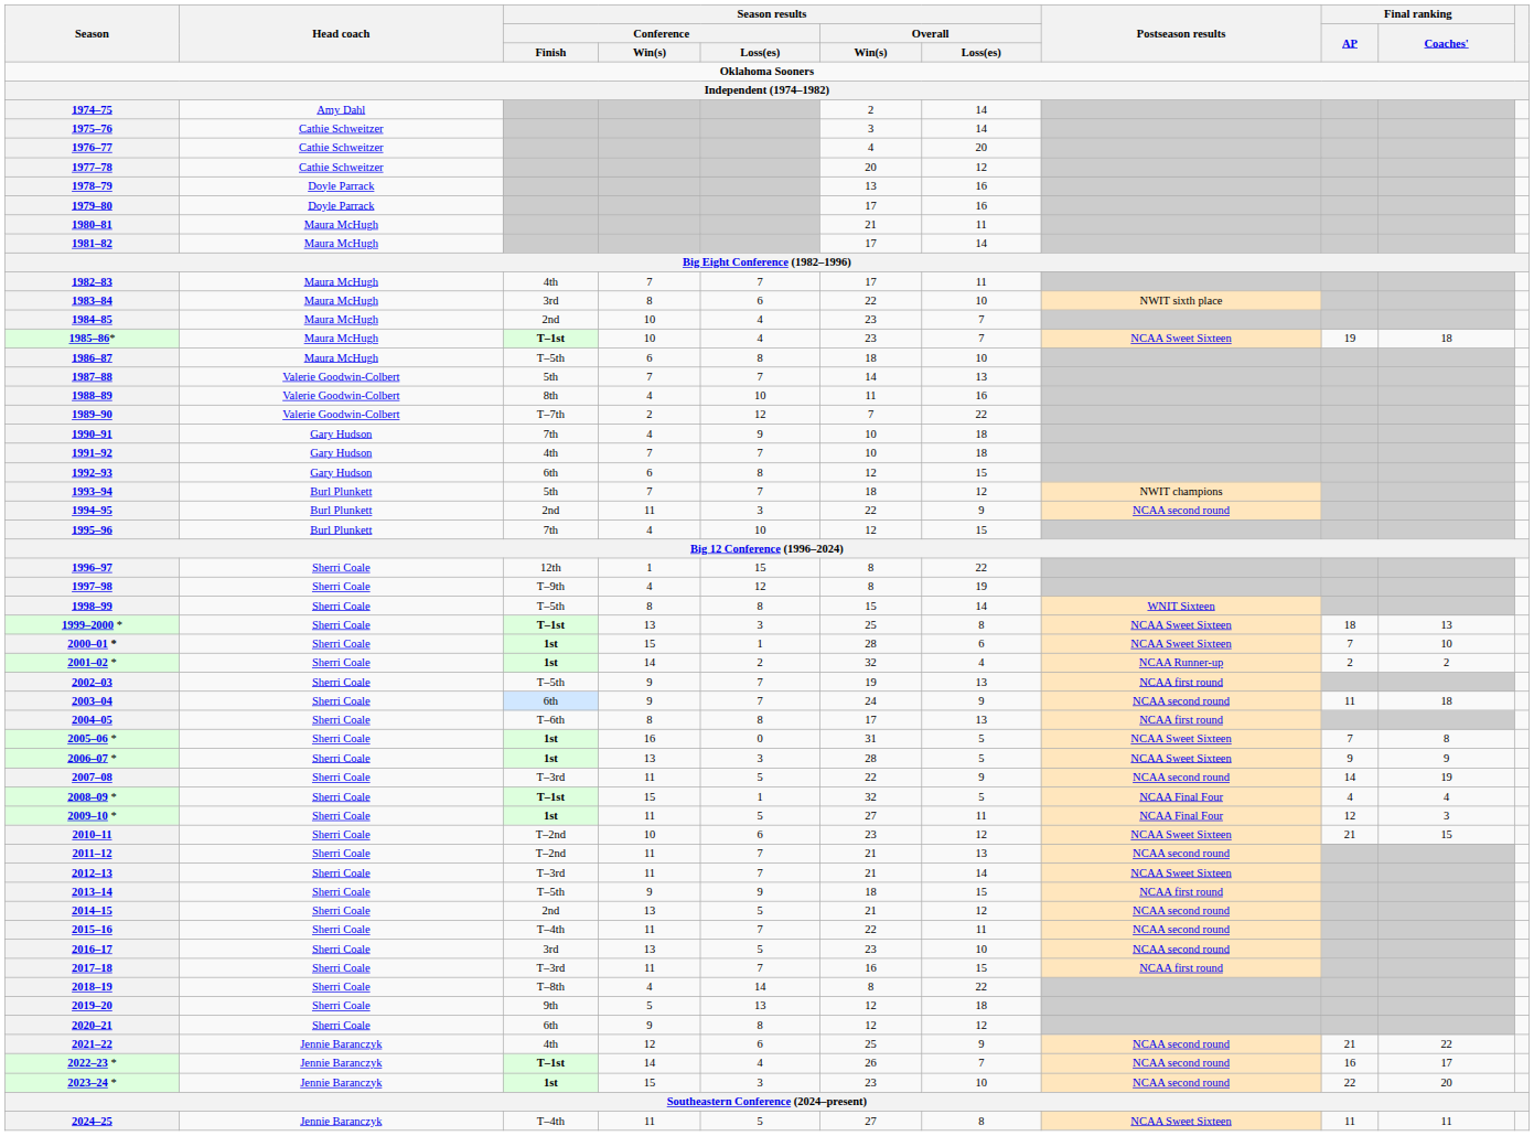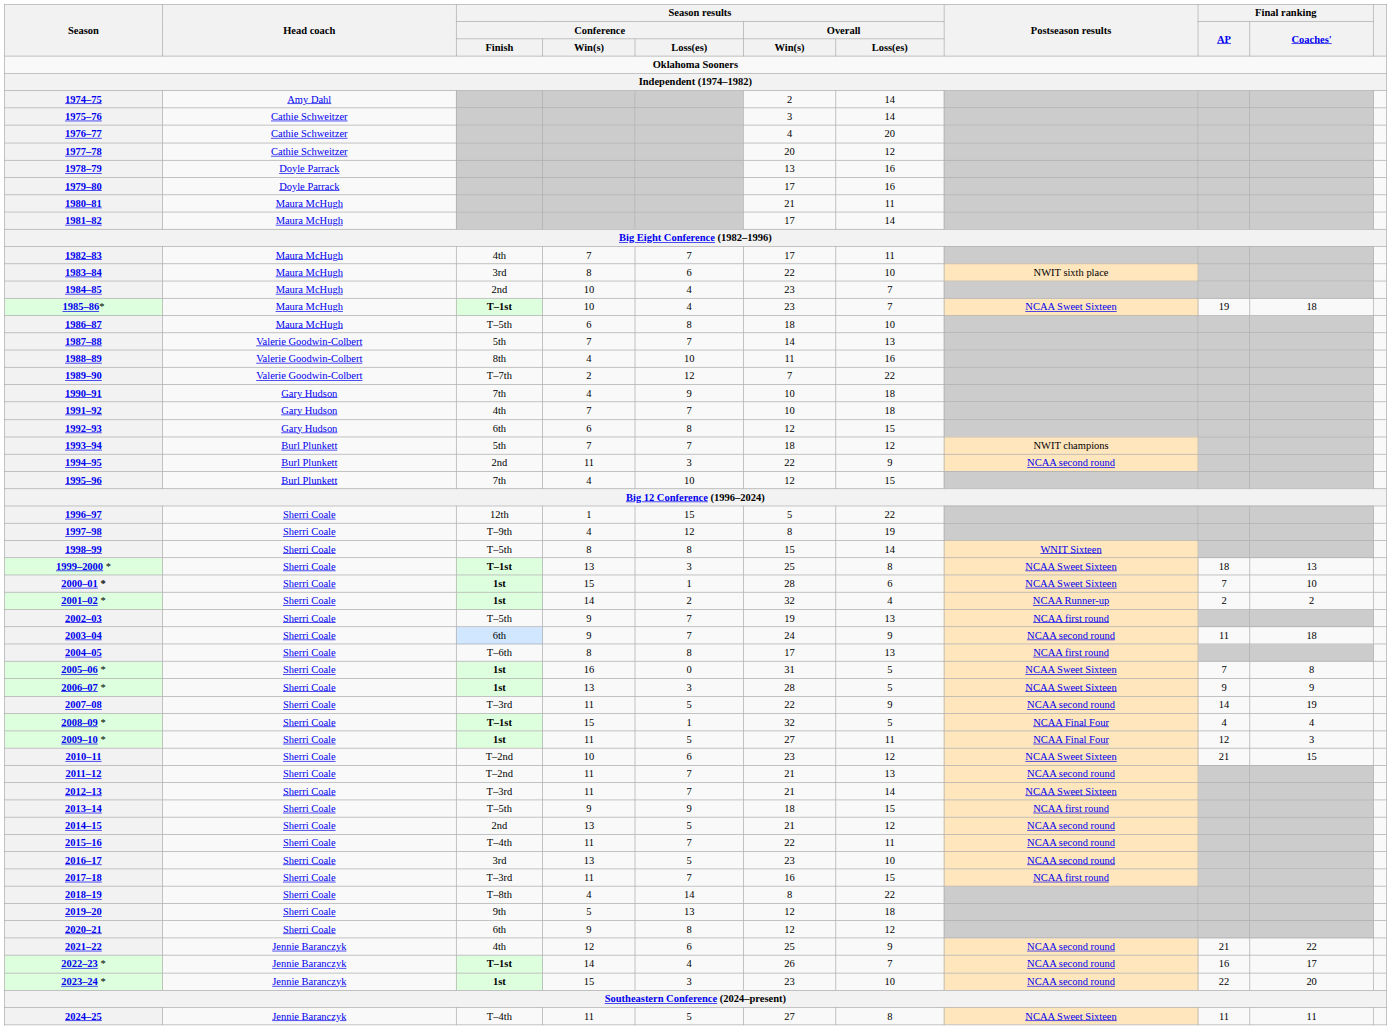 <table class="wikitable sortable sticky-header-multi" style="font-size: 95%; width:101%; text-align:center;">
 <tr>
 <th rowspan="3">Season</th>
 <th rowspan="3">Head coach</th>
 <th colspan="5">Season results</th>
 <th rowspan="3">Postseason results</th>
 <th colspan="2">Final ranking</th>
 <th rowspan="3"></th>
 </tr>
 <tr>
 <th colspan="3">Conference</th>
 <th colspan="2">Overall</th>
 <th rowspan="2"><a href='#'>AP</a></th>
 <th rowspan="2"><a href='#'>Coaches'</a></th>
 </tr>
 <tr>
 <th>Finish</th>
 <th>Win(s)</th>
 <th>Loss(es)</th>
 <th>Win(s)</th>
 <th>Loss(es)</th>
 </tr>
 <tr>
 <td Colspan="13"><strong>Oklahoma Sooners</strong></td>
 </tr>
 <tr>
 <th colspan=16>Independent (1974–1982)</th>
 </tr>
 <tr>
 <th><a href='#'>1974–75</a></th>
 <td><a href='#'>Amy Dahl</a></td>
 <td bgcolor="#cccccc"></td>
 <td bgcolor="#cccccc"></td>
 <td bgcolor="#cccccc"></td>
 <td>2</td>
 <td>14</td>
 <td bgcolor="#cccccc"></td>
 <td bgcolor="#cccccc"></td>
 <td bgcolor="#cccccc"></td>
 <td></td>
 </tr>
 <tr>
 <th><a href='#'>1975–76</a></th>
 <td><a href='#'>Cathie Schweitzer</a></td>
 <td bgcolor="#cccccc"></td>
 <td bgcolor="#cccccc"></td>
 <td bgcolor="#cccccc"></td>
 <td>3</td>
 <td>14</td>
 <td bgcolor="#cccccc"></td>
 <td bgcolor="#cccccc"></td>
 <td bgcolor="#cccccc"></td>
 <td></td>
 </tr>
 <tr>
 <th><a href='#'>1976–77</a></th>
 <td><a href='#'>Cathie Schweitzer</a></td>
 <td bgcolor="#cccccc"></td>
 <td bgcolor="#cccccc"></td>
 <td bgcolor="#cccccc"></td>
 <td>4</td>
 <td>20</td>
 <td bgcolor="#cccccc"></td>
 <td bgcolor="#cccccc"></td>
 <td bgcolor="#cccccc"></td>
 <td></td>
 </tr>
 <tr>
 <th><a href='#'>1977–78</a></th>
 <td><a href='#'>Cathie Schweitzer</a></td>
 <td bgcolor="#cccccc"></td>
 <td bgcolor="#cccccc"></td>
 <td bgcolor="#cccccc"></td>
 <td>20</td>
 <td>12</td>
 <td bgcolor="#cccccc"></td>
 <td bgcolor="#cccccc"></td>
 <td bgcolor="#cccccc"></td>
 <td></td>
 </tr>
 <tr>
 <th><a href='#'>1978–79</a></th>
 <td><a href='#'>Doyle Parrack</a></td>
 <td bgcolor="#cccccc"></td>
 <td bgcolor="#cccccc"></td>
 <td bgcolor="#cccccc"></td>
 <td>13</td>
 <td>16</td>
 <td bgcolor="#cccccc"></td>
 <td bgcolor="#cccccc"></td>
 <td bgcolor="#cccccc"></td>
 <td></td>
 </tr>
 <tr>
 <th><a href='#'>1979–80</a></th>
 <td><a href='#'>Doyle Parrack</a></td>
 <td bgcolor="#cccccc"></td>
 <td bgcolor="#cccccc"></td>
 <td bgcolor="#cccccc"></td>
 <td>17</td>
 <td>16</td>
 <td bgcolor="#cccccc"></td>
 <td bgcolor="#cccccc"></td>
 <td bgcolor="#cccccc"></td>
 <td></td>
 </tr>
 <tr>
 <th><a href='#'>1980–81</a></th>
 <td><a href='#'>Maura McHugh</a></td>
 <td bgcolor="#cccccc"></td>
 <td bgcolor="#cccccc"></td>
 <td bgcolor="#cccccc"></td>
 <td>21</td>
 <td>11</td>
 <td bgcolor="#cccccc"></td>
 <td bgcolor="#cccccc"></td>
 <td bgcolor="#cccccc"></td>
 <td></td>
 </tr>
 <tr>
 <th><a href='#'>1981–82</a></th>
 <td><a href='#'>Maura McHugh</a></td>
 <td bgcolor="#cccccc"></td>
 <td bgcolor="#cccccc"></td>
 <td bgcolor="#cccccc"></td>
 <td>17</td>
 <td>14</td>
 <td bgcolor="#cccccc"></td>
 <td bgcolor="#cccccc"></td>
 <td bgcolor="#cccccc"></td>
 <td></td>
 </tr>
 <tr>
 <th colspan=16><a href='#'>Big Eight Conference</a> (1982–1996)</th>
 </tr>
 <tr>
 <th><strong><a href='#'>1982–83</a></strong></th>
 <td><a href='#'>Maura McHugh</a></td>
 <td>4th</td>
 <td>7</td>
 <td>7</td>
 <td>17</td>
 <td>11</td>
 <td bgcolor="#cccccc"></td>
 <td bgcolor="#cccccc"></td>
 <td bgcolor="#cccccc"></td>
 <td></td>
 </tr>
 <tr>
 <th><strong><a href='#'>1983–84</a></strong></th>
 <td><a href='#'>Maura McHugh</a></td>
 <td>3rd</td>
 <td>8</td>
 <td>6</td>
 <td>22</td>
 <td>10</td>
 <td align="center" style="background:#ffe6bd;">NWIT sixth place</td>
 <td bgcolor="#cccccc"></td>
 <td bgcolor="#cccccc"></td>
 <td></td>
 </tr>
 <tr>
 <th><strong><a href='#'>1984–85</a></strong></th>
 <td><a href='#'>Maura McHugh</a></td>
 <td>2nd</td>
 <td>10</td>
 <td>4</td>
 <td>23</td>
 <td>7</td>
 <td bgcolor="#cccccc"></td>
 <td bgcolor="#cccccc"></td>
 <td bgcolor="#cccccc"></td>
 <td></td>
 </tr>
 <tr>
 <td bgcolor="ddffdd"><a href='#'><strong>1985–86</strong></a>*</td>
 <td><a href='#'>Maura McHugh</a></td>
 <td bgcolor="ddffdd"><strong>T–1st</strong></td>
 <td>10</td>
 <td>4</td>
 <td>23</td>
 <td>7</td>
 <td align="center" style="background:#ffe6bd;"><a href='#'>NCAA Sweet Sixteen</a></td>
 <td>19</td>
 <td>18</td>
 <td></td>
 </tr>
 <tr>
 <th><strong><a href='#'>1986–87</a></strong></th>
 <td><a href='#'>Maura McHugh</a></td>
 <td>T–5th</td>
 <td>6</td>
 <td>8</td>
 <td>18</td>
 <td>10</td>
 <td bgcolor="#cccccc"></td>
 <td bgcolor="#cccccc"></td>
 <td bgcolor="#cccccc"></td>
 <td></td>
 </tr>
 <tr>
 <th><strong><a href='#'>1987–88</a></strong></th>
 <td><a href='#'>Valerie Goodwin-Colbert</a></td>
 <td>5th</td>
 <td>7</td>
 <td>7</td>
 <td>14</td>
 <td>13</td>
 <td bgcolor="#cccccc"></td>
 <td bgcolor="#cccccc"></td>
 <td bgcolor="#cccccc"></td>
 <td></td>
 </tr>
 <tr>
 <th><strong><a href='#'>1988–89</a></strong></th>
 <td><a href='#'>Valerie Goodwin-Colbert</a></td>
 <td>8th</td>
 <td>4</td>
 <td>10</td>
 <td>11</td>
 <td>16</td>
 <td bgcolor="#cccccc"></td>
 <td bgcolor="#cccccc"></td>
 <td bgcolor="#cccccc"></td>
 <td></td>
 </tr>
 <tr>
 <th><strong><a href='#'>1989–90</a></strong></th>
 <td><a href='#'>Valerie Goodwin-Colbert</a></td>
 <td>T–7th</td>
 <td>2</td>
 <td>12</td>
 <td>7</td>
 <td>22</td>
 <td bgcolor="#cccccc"></td>
 <td bgcolor="#cccccc"></td>
 <td bgcolor="#cccccc"></td>
 <td></td>
 </tr>
 <tr>
 <th><strong><a href='#'>1990–91</a></strong></th>
 <td><a href='#'>Gary Hudson</a></td>
 <td>7th</td>
 <td>4</td>
 <td>9</td>
 <td>10</td>
 <td>18</td>
 <td bgcolor="#cccccc"></td>
 <td bgcolor="#cccccc"></td>
 <td bgcolor="#cccccc"></td>
 <td></td>
 </tr>
 <tr>
 <th><strong><a href='#'>1991–92</a></strong></th>
 <td><a href='#'>Gary Hudson</a></td>
 <td>4th</td>
 <td>7</td>
 <td>7</td>
 <td>10</td>
 <td>18</td>
 <td bgcolor="#cccccc"></td>
 <td bgcolor="#cccccc"></td>
 <td bgcolor="#cccccc"></td>
 <td></td>
 </tr>
 <tr>
 <th><strong><a href='#'>1992–93</a></strong></th>
 <td><a href='#'>Gary Hudson</a></td>
 <td>6th</td>
 <td>6</td>
 <td>8</td>
 <td>12</td>
 <td>15</td>
 <td bgcolor="#cccccc"></td>
 <td bgcolor="#cccccc"></td>
 <td bgcolor="#cccccc"></td>
 <td></td>
 </tr>
 <tr>
 <th><strong><a href='#'>1993–94</a></strong></th>
 <td><a href='#'>Burl Plunkett</a></td>
 <td>5th</td>
 <td>7</td>
 <td>7</td>
 <td>18</td>
 <td>12</td>
 <td align="center" style="background:#ffe6bd;">NWIT champions</td>
 <td bgcolor="#cccccc"></td>
 <td bgcolor="#cccccc"></td>
 <td></td>
 </tr>
 <tr>
 <th><strong><a href='#'>1994–95</a></strong></th>
 <td><a href='#'>Burl Plunkett</a></td>
 <td>2nd</td>
 <td>11</td>
 <td>3</td>
 <td>22</td>
 <td>9</td>
 <td align="center" style="background:#ffe6bd;"><a href='#'>NCAA second round</a></td>
 <td bgcolor="#cccccc"></td>
 <td bgcolor="#cccccc"></td>
 <td></td>
 </tr>
 <tr>
 <th><strong><a href='#'>1995–96</a></strong></th>
 <td><a href='#'>Burl Plunkett</a></td>
 <td>7th</td>
 <td>4</td>
 <td>10</td>
 <td>12</td>
 <td>15</td>
 <td bgcolor="#cccccc"></td>
 <td bgcolor="#cccccc"></td>
 <td bgcolor="#cccccc"></td>
 <td></td>
 </tr>
 <tr>
 <th colspan=16><a href='#'>Big 12 Conference</a> (1996–2024)</th>
 </tr>
 <tr>
 <th><strong><a href='#'>1996–97</a></strong></th>
 <td><a href='#'>Sherri Coale</a></td>
 <td>12th</td>
 <td>1</td>
 <td>15</td>
-<td>8</td>
+<td>5</td>
 <td>22</td>
 <td bgcolor="#cccccc"></td>
 <td bgcolor="#cccccc"></td>
 <td bgcolor="#cccccc"></td>
 <td></td>
 </tr>
 <tr>
 <th><strong><a href='#'>1997–98</a></strong></th>
 <td><a href='#'>Sherri Coale</a></td>
 <td>T–9th</td>
 <td>4</td>
 <td>12</td>
 <td>8</td>
 <td>19</td>
 <td bgcolor="#cccccc"></td>
 <td bgcolor="#cccccc"></td>
 <td bgcolor="#cccccc"></td>
 <td></td>
 </tr>
 <tr>
 <th><strong><a href='#'>1998–99</a></strong></th>
 <td><a href='#'>Sherri Coale</a></td>
 <td>T–5th</td>
 <td>8</td>
 <td>8</td>
 <td>15</td>
 <td>14</td>
 <td align="center" style="background:#ffe6bd;"><a href='#'>WNIT Sixteen</a></td>
 <td bgcolor="#cccccc"></td>
 <td bgcolor="#cccccc"></td>
 <td></td>
 </tr>
 <tr>
 <td bgcolor="ddffdd"><strong><a href='#'>1999–2000</a></strong> *</td>
 <td><a href='#'>Sherri Coale</a></td>
 <td bgcolor="ddffdd"><strong>T–1st</strong></td>
 <td>13</td>
 <td>3</td>
 <td>25</td>
 <td>8</td>
 <td align="center" style="background:#ffe6bd;"><a href='#'>NCAA Sweet Sixteen</a></td>
 <td>18</td>
 <td>13</td>
 <td></td>
 </tr>
 <tr>
 <th><strong><a href='#'>2000–01</a></strong> *</th>
 <td><a href='#'>Sherri Coale</a></td>
 <td bgcolor="ddffdd"><strong>1st</strong></td>
 <td>15</td>
 <td>1</td>
 <td>28</td>
 <td>6</td>
 <td align="center" style="background:#ffe6bd;"><a href='#'>NCAA Sweet Sixteen</a></td>
 <td>7</td>
 <td>10</td>
 <td></td>
 </tr>
 <tr>
 <td bgcolor="ddffdd"><strong><a href='#'>2001–02</a></strong> *</td>
 <td><a href='#'>Sherri Coale</a></td>
 <td bgcolor="ddffdd"><strong>1st</strong></td>
 <td>14</td>
 <td>2</td>
 <td>32</td>
 <td>4</td>
 <td align="center" style="background:#ffe6bd;"><a href='#'>NCAA Runner-up</a></td>
 <td>2</td>
 <td>2</td>
 <td></td>
 </tr>
 <tr>
 <th><strong><a href='#'>2002–03</a></strong></th>
 <td><a href='#'>Sherri Coale</a></td>
 <td>T–5th</td>
 <td>9</td>
 <td>7</td>
 <td>19</td>
 <td>13</td>
 <td align="center" style="background:#ffe6bd;"><a href='#'>NCAA first round</a></td>
 <td bgcolor="#cccccc"></td>
 <td bgcolor="#cccccc"></td>
 <td></td>
 </tr>
 <tr>
 <th><strong><a href='#'>2003–04</a></strong></th>
 <td><a href='#'>Sherri Coale</a></td>
 <td bgcolor="#D0E7FF">6th</td>
 <td>9</td>
 <td>7</td>
 <td>24</td>
 <td>9</td>
 <td align="center" style="background:#ffe6bd;"><a href='#'>NCAA second round</a></td>
 <td>11</td>
 <td>18</td>
 <td></td>
 </tr>
 <tr>
 <th><strong><a href='#'>2004–05</a></strong></th>
 <td><a href='#'>Sherri Coale</a></td>
 <td>T–6th</td>
 <td>8</td>
 <td>8</td>
 <td>17</td>
 <td>13</td>
 <td align="center" style="background:#ffe6bd;"><a href='#'>NCAA first round</a></td>
 <td bgcolor="#cccccc"></td>
 <td bgcolor="#cccccc"></td>
 <td></td>
 </tr>
 <tr>
 <td bgcolor="ddffdd"><strong><a href='#'>2005–06</a></strong> *</td>
 <td><a href='#'>Sherri Coale</a></td>
 <td bgcolor="ddffdd"><strong>1st</strong></td>
 <td>16</td>
 <td>0</td>
 <td>31</td>
 <td>5</td>
 <td align="center" style="background:#ffe6bd;"><a href='#'>NCAA Sweet Sixteen</a></td>
 <td>7</td>
 <td>8</td>
 <td></td>
 </tr>
 <tr>
 <td bgcolor="ddffdd"><strong><a href='#'>2006–07</a></strong> *</td>
 <td><a href='#'>Sherri Coale</a></td>
 <td bgcolor="ddffdd"><strong>1st</strong></td>
 <td>13</td>
 <td>3</td>
 <td>28</td>
 <td>5</td>
 <td align="center" style="background:#ffe6bd;"><a href='#'>NCAA Sweet Sixteen</a></td>
 <td>9</td>
 <td>9</td>
 <td></td>
 </tr>
 <tr>
 <th><strong><a href='#'>2007–08</a></strong></th>
 <td><a href='#'>Sherri Coale</a></td>
 <td>T–3rd</td>
 <td>11</td>
 <td>5</td>
 <td>22</td>
 <td>9</td>
 <td align="center" style="background:#ffe6bd;"><a href='#'>NCAA second round</a></td>
 <td>14</td>
 <td>19</td>
 <td></td>
 </tr>
 <tr>
 <td bgcolor="ddffdd"><strong><a href='#'>2008–09</a></strong> *</td>
 <td><a href='#'>Sherri Coale</a></td>
 <td bgcolor="ddffdd"><strong>T–1st</strong></td>
 <td>15</td>
 <td>1</td>
 <td>32</td>
 <td>5</td>
 <td align="center" style="background:#ffe6bd;"><a href='#'>NCAA Final Four</a></td>
 <td>4</td>
 <td>4</td>
 <td></td>
 </tr>
 <tr>
 <td bgcolor="ddffdd"><strong><a href='#'>2009–10</a></strong> *</td>
 <td><a href='#'>Sherri Coale</a></td>
 <td bgcolor="ddffdd"><strong>1st</strong></td>
 <td>11</td>
 <td>5</td>
 <td>27</td>
 <td>11</td>
 <td align="center" style="background:#ffe6bd;"><a href='#'>NCAA Final Four</a></td>
 <td>12</td>
 <td>3</td>
 <td></td>
 </tr>
 <tr>
 <th><strong><a href='#'>2010–11</a></strong></th>
 <td><a href='#'>Sherri Coale</a></td>
 <td>T–2nd</td>
 <td>10</td>
 <td>6</td>
 <td>23</td>
 <td>12</td>
 <td align="center" style="background:#ffe6bd;"><a href='#'>NCAA Sweet Sixteen</a></td>
 <td>21</td>
 <td>15</td>
 <td></td>
 </tr>
 <tr>
 <th><strong><a href='#'>2011–12</a></strong></th>
 <td><a href='#'>Sherri Coale</a></td>
 <td>T–2nd</td>
 <td>11</td>
 <td>7</td>
 <td>21</td>
 <td>13</td>
 <td align="center" style="background:#ffe6bd;"><a href='#'>NCAA second round</a></td>
 <td bgcolor="#cccccc"></td>
 <td bgcolor="#cccccc"></td>
 <td></td>
 </tr>
 <tr>
 <th><strong><a href='#'>2012–13</a></strong></th>
 <td><a href='#'>Sherri Coale</a></td>
 <td>T–3rd</td>
 <td>11</td>
 <td>7</td>
 <td>21</td>
 <td>14</td>
 <td align="center" style="background:#ffe6bd;"><a href='#'>NCAA Sweet Sixteen</a></td>
 <td bgcolor="#cccccc"></td>
 <td bgcolor="#cccccc"></td>
 <td></td>
 </tr>
 <tr>
 <th><strong><a href='#'>2013–14</a></strong></th>
 <td><a href='#'>Sherri Coale</a></td>
 <td>T–5th</td>
 <td>9</td>
 <td>9</td>
 <td>18</td>
 <td>15</td>
 <td align="center" style="background:#ffe6bd;"><a href='#'>NCAA first round</a></td>
 <td bgcolor="#cccccc"></td>
 <td bgcolor="#cccccc"></td>
 <td></td>
 </tr>
 <tr>
 <th><strong><a href='#'>2014–15</a></strong></th>
 <td><a href='#'>Sherri Coale</a></td>
 <td>2nd</td>
 <td>13</td>
 <td>5</td>
 <td>21</td>
 <td>12</td>
 <td align="center" style="background:#ffe6bd;"><a href='#'>NCAA second round</a></td>
 <td bgcolor="#cccccc"></td>
 <td bgcolor="#cccccc"></td>
 <td></td>
 </tr>
 <tr>
 <th><strong><a href='#'>2015–16</a></strong></th>
 <td><a href='#'>Sherri Coale</a></td>
 <td>T–4th</td>
 <td>11</td>
 <td>7</td>
 <td>22</td>
 <td>11</td>
 <td align="center" style="background:#ffe6bd;"><a href='#'>NCAA second round</a></td>
 <td bgcolor="#cccccc"></td>
 <td bgcolor="#cccccc"></td>
 <td></td>
 </tr>
 <tr>
 <th><strong><a href='#'>2016–17</a></strong></th>
 <td><a href='#'>Sherri Coale</a></td>
 <td>3rd</td>
 <td>13</td>
 <td>5</td>
 <td>23</td>
 <td>10</td>
 <td align="center" style="background:#ffe6bd;"><a href='#'>NCAA second round</a></td>
 <td bgcolor="#cccccc"></td>
 <td bgcolor="#cccccc"></td>
 <td></td>
 </tr>
 <tr>
 <th><strong><a href='#'>2017–18</a></strong></th>
 <td><a href='#'>Sherri Coale</a></td>
 <td>T–3rd</td>
 <td>11</td>
 <td>7</td>
 <td>16</td>
 <td>15</td>
 <td align="center" style="background:#ffe6bd;"><a href='#'>NCAA first round</a></td>
 <td bgcolor="#cccccc"></td>
 <td bgcolor="#cccccc"></td>
 <td></td>
 </tr>
 <tr>
 <th><strong><a href='#'>2018–19</a></strong></th>
 <td><a href='#'>Sherri Coale</a></td>
 <td>T–8th</td>
 <td>4</td>
 <td>14</td>
 <td>8</td>
 <td>22</td>
 <td bgcolor="#cccccc"></td>
 <td bgcolor="#cccccc"></td>
 <td bgcolor="#cccccc"></td>
 <td></td>
 </tr>
 <tr>
 <th><strong><a href='#'>2019–20</a></strong></th>
 <td><a href='#'>Sherri Coale</a></td>
 <td>9th</td>
 <td>5</td>
 <td>13</td>
 <td>12</td>
 <td>18</td>
 <td bgcolor="#cccccc"></td>
 <td bgcolor="#cccccc"></td>
 <td bgcolor="#cccccc"></td>
 <td></td>
 </tr>
 <tr>
 <th><strong><a href='#'>2020–21</a></strong></th>
 <td><a href='#'>Sherri Coale</a></td>
 <td>6th</td>
 <td>9</td>
 <td>8</td>
 <td>12</td>
 <td>12</td>
 <td bgcolor="#cccccc"></td>
 <td bgcolor="#cccccc"></td>
 <td bgcolor="#cccccc"></td>
 <td></td>
 </tr>
 <tr>
 <th><strong><a href='#'>2021–22</a></strong></th>
 <td><a href='#'>Jennie Baranczyk</a></td>
 <td>4th</td>
 <td>12</td>
 <td>6</td>
 <td>25</td>
 <td>9</td>
 <td align="center" style="background:#ffe6bd;"><a href='#'>NCAA second round</a></td>
 <td>21</td>
 <td>22</td>
 <td></td>
 </tr>
 <tr>
 <td bgcolor="ddffdd"><strong><a href='#'>2022–23</a></strong> *</td>
 <td><a href='#'>Jennie Baranczyk</a></td>
 <td bgcolor="ddffdd"><strong>T–1st</strong></td>
 <td>14</td>
 <td>4</td>
 <td>26</td>
 <td>7</td>
 <td align="center" style="background:#ffe6bd;"><a href='#'>NCAA second round</a></td>
 <td>16</td>
 <td>17</td>
 <td></td>
 </tr>
 <tr>
 <td bgcolor="ddffdd"><strong><a href='#'>2023–24</a></strong> *</td>
 <td><a href='#'>Jennie Baranczyk</a></td>
 <td bgcolor="ddffdd"><strong>1st</strong></td>
 <td>15</td>
 <td>3</td>
 <td>23</td>
 <td>10</td>
 <td align="center" style="background:#ffe6bd;"><a href='#'>NCAA second round</a></td>
 <td>22</td>
 <td>20</td>
 <td></td>
 </tr>
 <tr>
 <th colspan=16><a href='#'>Southeastern Conference</a> (2024–present)</th>
 </tr>
 <tr>
 <th><a href='#'>2024–25</a></th>
 <td><a href='#'>Jennie Baranczyk</a></td>
 <td>T–4th</td>
 <td>11</td>
 <td>5</td>
 <td>27</td>
 <td>8</td>
 <td align="center" style="background:#ffe6bd;"><a href='#'>NCAA Sweet Sixteen</a></td>
 <td>11</td>
 <td>11</td>
 <td></td>
 </tr>
 </table>
